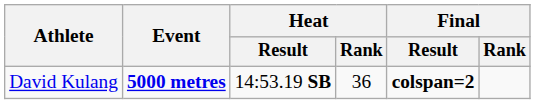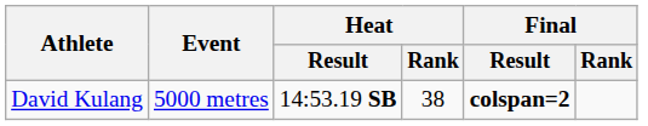 <table class="wikitable" style="font-size:90%">
 <tr>
 <th rowspan="2">Athlete</th>
 <th rowspan="2">Event</th>
 <th colspan="2">Heat</th>
 <th colspan="2">Final</th>
 </tr>
 <tr style="font-size:95%">
 <th>Result</th>
 <th>Rank</th>
 <th>Result</th>
 <th>Rank</th>
 </tr>
 <tr style=text-align:center>
 <td style=text-align:left><a href='#'>David Kulang</a></td>
-<td style=text-align:left><strong><a href='#'>5000 metres</a></strong></td>
+<td style=text-align:left><a href='#'>5000 metres</a></td>
 <td>14:53.19 <strong>SB</strong></td>
-<td>36</td>
+<td>38</td>
 <td><strong>colspan=2 </strong></td>
 </tr>
 </table>
